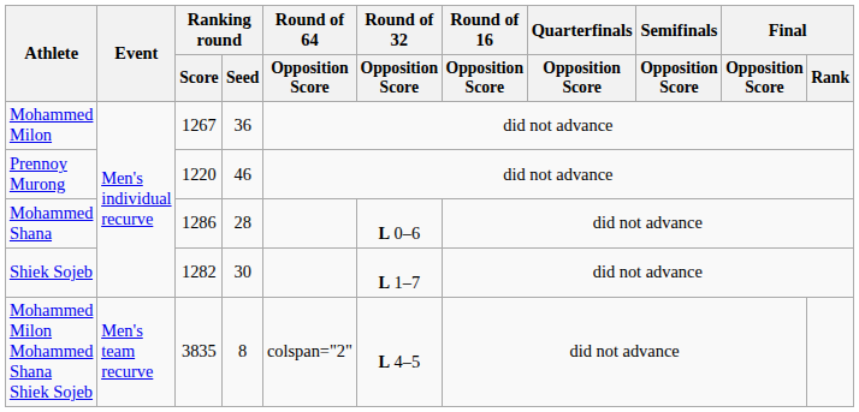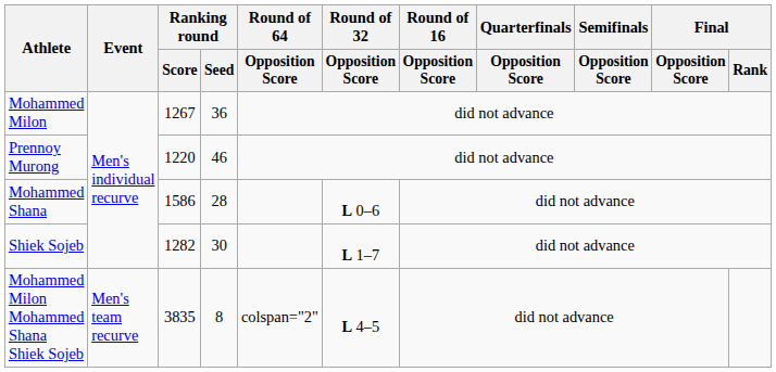 <table class="wikitable" style="font-size:90%">
 <tr>
 <th rowspan="2">Athlete</th>
 <th rowspan="2">Event</th>
 <th colspan="2">Ranking round</th>
 <th>Round of 64</th>
 <th>Round of 32</th>
 <th>Round of 16</th>
 <th>Quarterfinals</th>
 <th>Semifinals</th>
 <th colspan="2">Final</th>
 </tr>
 <tr style="font-size:95%">
 <th>Score</th>
 <th>Seed</th>
 <th>Opposition<br>Score</th>
 <th>Opposition<br>Score</th>
 <th>Opposition<br>Score</th>
 <th>Opposition<br>Score</th>
 <th>Opposition<br>Score</th>
 <th>Opposition<br>Score</th>
 <th>Rank</th>
 </tr>
 <tr align=center>
 <td align=left><a href='#'>Mohammed Milon</a></td>
 <td align="left" rowspan="4"><a href='#'>Men's individual recurve</a></td>
 <td>1267</td>
 <td>36</td>
 <td colspan=7>did not advance</td>
 </tr>
 <tr align=center>
 <td align=left><a href='#'>Prennoy Murong</a></td>
 <td>1220</td>
 <td>46</td>
 <td colspan=7>did not advance</td>
 </tr>
 <tr align=center>
 <td align=left><a href='#'>Mohammed Shana</a></td>
-<td>1286</td>
+<td>1586</td>
 <td>28</td>
 <td></td>
 <td><br> <strong>L</strong> 0–6</td>
 <td colspan=5>did not advance</td>
 </tr>
 <tr align=center>
 <td align=left><a href='#'>Shiek Sojeb</a></td>
 <td>1282</td>
 <td>30</td>
 <td></td>
 <td><br> <strong>L</strong> 1–7</td>
 <td colspan=5>did not advance</td>
 </tr>
 <tr align=center>
 <td align=left><a href='#'>Mohammed Milon</a><br><a href='#'>Mohammed Shana</a><br><a href='#'>Shiek Sojeb</a></td>
 <td align="left"><a href='#'>Men's team recurve</a></td>
 <td>3835</td>
 <td>8</td>
 <td>colspan="2" </td>
 <td> <br> <strong>L</strong> 4–5</td>
 <td colspan=4>did not advance</td>
 </tr>
 </table>
